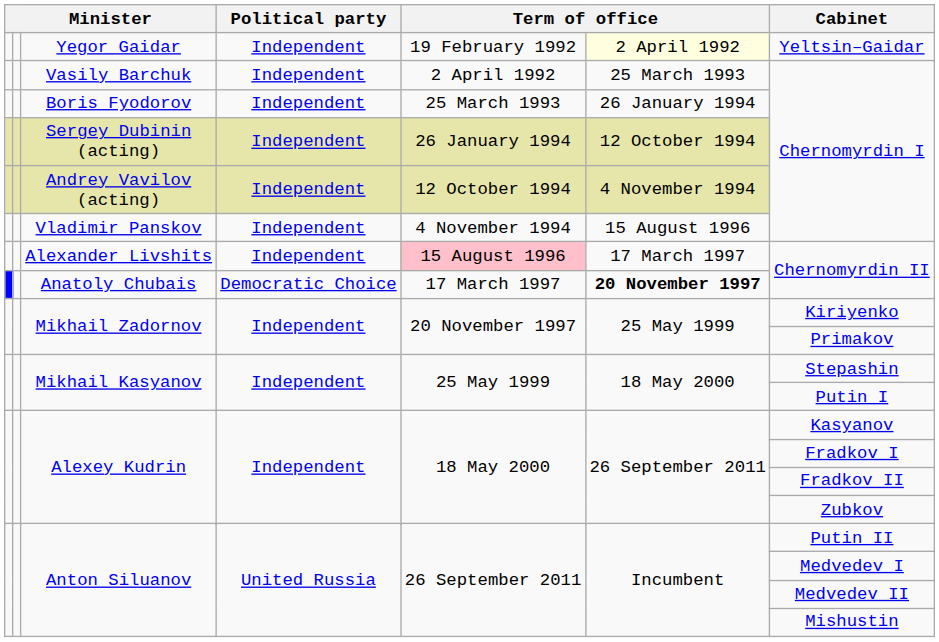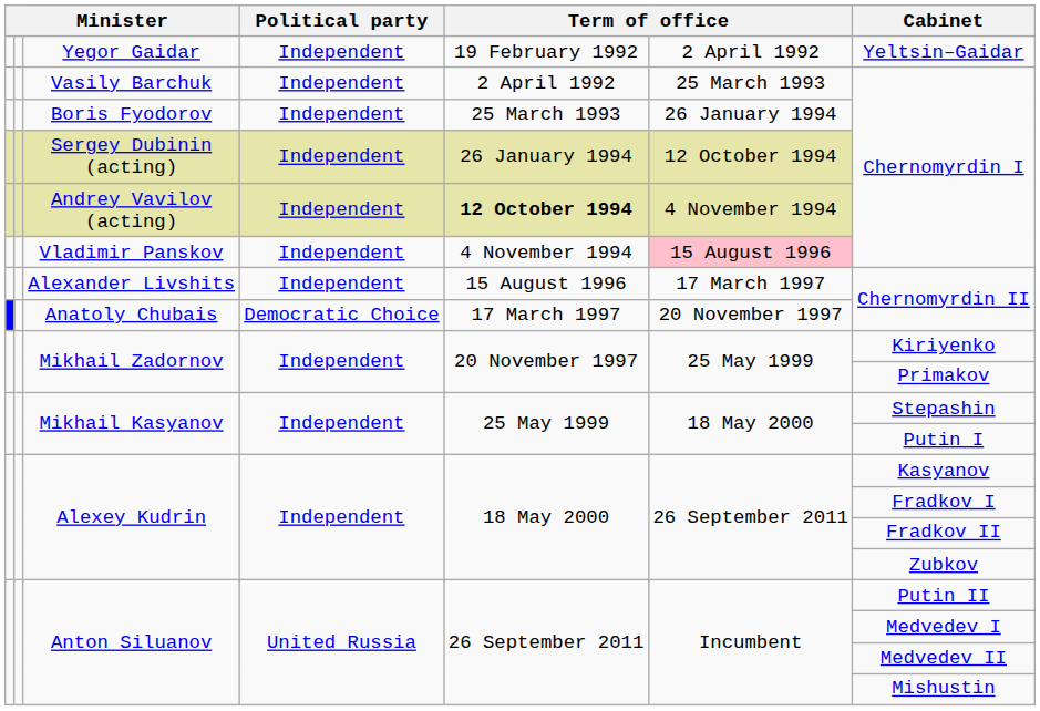 <table class="wikitable" style="text-align:center;">
 <tr>
 <th colspan=3>Minister</th>
 <th>Political party</th>
 <th colspan=2>Term of office</th>
 <th>Cabinet</th>
 </tr>
 <tr>
 <td style="background: "></td>
 <td></td>
 <td><a href='#'>Yegor Gaidar</a></td>
 <td><a href='#'>Independent</a></td>
 <td>19 February 1992</td>
-<td style="background: lightyellow;">2 April 1992</td>
+<td>2 April 1992</td>
 <td rowspan=2><a href='#'>Yeltsin–Gaidar</a></td>
 </tr>
 <tr>
 <td rowspan=2 style="background: "></td>
 <td rowspan=2></td>
 <td rowspan=2><a href='#'>Vasily Barchuk</a></td>
 <td rowspan=2><a href='#'>Independent</a></td>
 <td rowspan=2>2 April 1992</td>
 <td rowspan=2>25 March 1993</td>
 </tr>
 <tr>
 <td rowspan=5><a href='#'>Chernomyrdin I</a></td>
 </tr>
 <tr>
 <td style="background: "></td>
 <td></td>
 <td><a href='#'>Boris Fyodorov</a></td>
 <td><a href='#'>Independent</a></td>
 <td>25 March 1993</td>
 <td>26 January 1994</td>
 </tr>
 <tr bgcolor=#E6E6AA>
 <td style="background: "></td>
 <td></td>
 <td><a href='#'>Sergey Dubinin</a><br>(acting)</td>
 <td><a href='#'>Independent</a></td>
 <td>26 January 1994</td>
 <td>12 October 1994</td>
 </tr>
 <tr bgcolor=#E6E6AA>
 <td style="background: "></td>
 <td></td>
 <td><a href='#'>Andrey Vavilov</a><br>(acting)</td>
 <td><a href='#'>Independent</a></td>
-<td>12 October 1994</td>
+<td><strong>12 October 1994</strong></td>
 <td>4 November 1994</td>
 </tr>
 <tr>
 <td style="background: "></td>
 <td></td>
 <td><a href='#'>Vladimir Panskov</a></td>
 <td><a href='#'>Independent</a></td>
 <td>4 November 1994</td>
-<td>15 August 1996</td>
+<td style="background: pink;">15 August 1996</td>
 </tr>
 <tr>
 <td style="background: "></td>
 <td></td>
 <td><a href='#'>Alexander Livshits</a></td>
 <td><a href='#'>Independent</a></td>
-<td style="background: pink;">15 August 1996</td>
+<td>15 August 1996</td>
 <td>17 March 1997</td>
 <td rowspan=3><a href='#'>Chernomyrdin II</a></td>
 </tr>
 <tr>
 <td style="background: blue;"></td>
 <td></td>
 <td><a href='#'>Anatoly Chubais</a></td>
 <td><a href='#'>Democratic Choice</a></td>
 <td>17 March 1997</td>
-<td><strong>20 November 1997</strong></td>
+<td>20 November 1997</td>
 </tr>
 <tr>
 <td rowspan=3 style="background: "></td>
 <td rowspan=3></td>
 <td rowspan=3><a href='#'>Mikhail Zadornov</a></td>
 <td rowspan=3><a href='#'>Independent</a></td>
 <td rowspan=3>20 November 1997</td>
 <td rowspan=3>25 May 1999</td>
 </tr>
 <tr>
 <td><a href='#'>Kiriyenko</a></td>
 </tr>
 <tr>
 <td><a href='#'>Primakov</a></td>
 </tr>
 <tr>
 <td rowspan=2 style="background: "></td>
 <td rowspan=2></td>
 <td rowspan=2><a href='#'>Mikhail Kasyanov</a></td>
 <td rowspan=2><a href='#'>Independent</a></td>
 <td rowspan=2>25 May 1999</td>
 <td rowspan=2>18 May 2000</td>
 <td><a href='#'>Stepashin</a></td>
 </tr>
 <tr>
 <td><a href='#'>Putin I</a></td>
 </tr>
 <tr>
 <td rowspan=5 style="background: "></td>
 <td rowspan=5></td>
 <td rowspan=5><a href='#'>Alexey Kudrin</a></td>
 <td rowspan=5><a href='#'>Independent</a></td>
 <td rowspan=5>18 May 2000</td>
 <td rowspan=5>26 September 2011</td>
 <td><a href='#'>Kasyanov</a></td>
 </tr>
 <tr>
 <td><a href='#'>Fradkov I</a></td>
 </tr>
 <tr>
 <td><a href='#'>Fradkov II</a></td>
 </tr>
 <tr>
 <td><a href='#'>Zubkov</a></td>
 </tr>
 <tr>
 <td rowspan=2><a href='#'>Putin II</a></td>
 </tr>
 <tr>
 <td rowspan=4 style="background: "></td>
 <td rowspan=4></td>
 <td rowspan=4><a href='#'>Anton Siluanov</a></td>
 <td rowspan=4><a href='#'>United Russia</a></td>
 <td rowspan=4>26 September 2011</td>
 <td rowspan=4>Incumbent</td>
 </tr>
 <tr>
 <td><a href='#'>Medvedev I</a></td>
 </tr>
 <tr>
 <td><a href='#'>Medvedev II</a></td>
 </tr>
 <tr>
 <td><a href='#'>Mishustin</a></td>
 </tr>
 </table>
